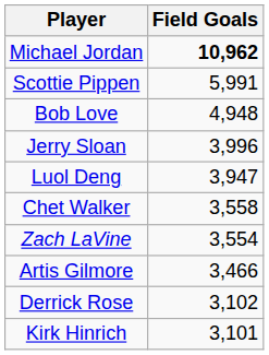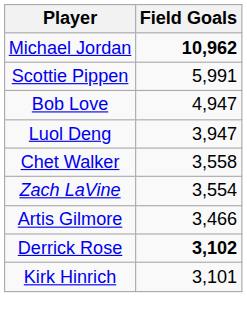 <table class="wikitable sortable">
 <tr>
 <th scope="col">Player</th>
 <th scope="col">Field Goals</th>
 </tr>
 <tr>
 <td style="text-align:center"><a href='#'>Michael Jordan</a></td>
 <td style="text-align:right"><strong>10,962</strong></td>
 </tr>
 <tr>
 <td style="text-align:center"><a href='#'>Scottie Pippen</a></td>
 <td style="text-align:right">5,991</td>
 </tr>
 <tr>
 <td style="text-align:center"><a href='#'>Bob Love</a></td>
-<td style="text-align:right">4,948</td>
-</tr>
-<tr>
-<td style="text-align:center"><a href='#'>Jerry Sloan</a></td>
-<td style="text-align:right">3,996</td>
+<td style="text-align:right">4,947</td>
 </tr>
 <tr>
 <td style="text-align:center"><a href='#'>Luol Deng</a></td>
 <td style="text-align:right">3,947</td>
 </tr>
 <tr>
 <td style="text-align:center"><a href='#'>Chet Walker</a></td>
 <td style="text-align:right">3,558</td>
 </tr>
 <tr>
 <td style="text-align:center"><em><a href='#'>Zach LaVine</a></em></td>
 <td style="text-align:right">3,554</td>
 </tr>
 <tr>
 <td style="text-align:center"><a href='#'>Artis Gilmore</a></td>
 <td style="text-align:right">3,466</td>
 </tr>
 <tr>
 <td style="text-align:center"><a href='#'>Derrick Rose</a></td>
-<td style="text-align:right">3,102</td>
+<td style="text-align:right"><strong>3,102</strong></td>
 </tr>
 <tr>
 <td style="text-align:center"><a href='#'>Kirk Hinrich</a></td>
 <td style="text-align:right">3,101</td>
 </tr>
 </table>
